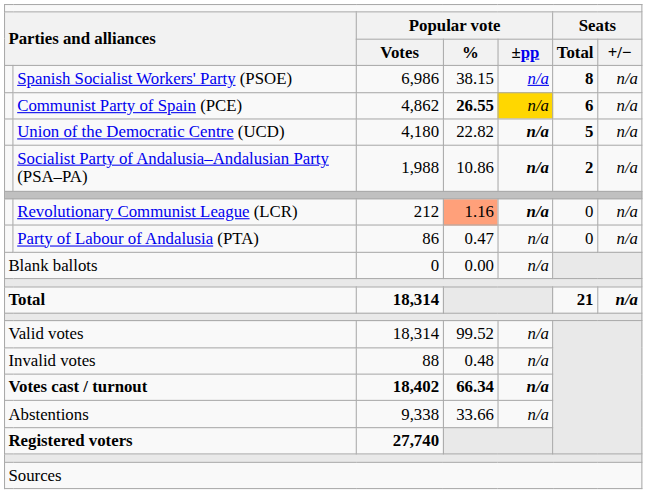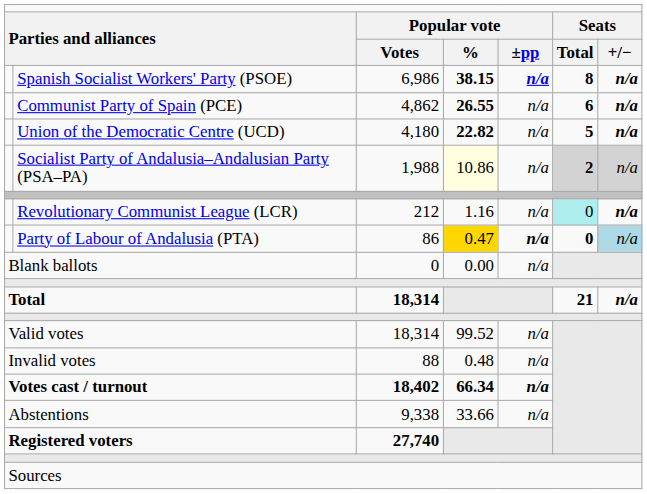 <table class="wikitable" style="text-align:right;">
 <tr>
 <td colspan="7"></td>
 </tr>
 <tr>
 <th style="text-align:left;" rowspan="2" colspan="2" width="525">Parties and alliances</th>
 <th colspan="3">Popular vote</th>
 <th colspan="2">Seats</th>
 </tr>
 <tr>
 <th width="75">Votes</th>
 <th width="45">%</th>
 <th width="45">±<a href='#'>pp</a></th>
 <th width="35">Total</th>
 <th width="35">+/−</th>
 </tr>
 <tr>
 <td width="1" style="color:inherit;background:"></td>
 <td align="left"><a href='#'>Spanish Socialist Workers' Party</a> (PSOE)</td>
 <td>6,986</td>
-<td>38.15</td>
-<td><em><a href='#'>n/a</a></em></td>
+<td><strong>38.15</strong></td>
+<td><strong><em><a href='#'>n/a</a></em></strong></td>
 <td><strong>8</strong></td>
-<td><em>n/a</em></td>
+<td><strong><em>n/a</em></strong></td>
 </tr>
 <tr>
 <td style="color:inherit;background:"></td>
 <td align="left"><a href='#'>Communist Party of Spain</a> (PCE)</td>
 <td>4,862</td>
 <td><strong>26.55</strong></td>
-<td style="background: gold;"><em>n/a</em></td>
+<td><em>n/a</em></td>
 <td><strong>6</strong></td>
-<td><em>n/a</em></td>
+<td><strong><em>n/a</em></strong></td>
 </tr>
 <tr>
 <td style="color:inherit;background:"></td>
 <td align="left"><a href='#'>Union of the Democratic Centre</a> (UCD)</td>
 <td>4,180</td>
-<td>22.82</td>
+<td><strong>22.82</strong></td>
+<td><em>n/a</em></td>
+<td><strong>5</strong></td>
 <td><strong><em>n/a</em></strong></td>
-<td><strong>5</strong></td>
-<td><em>n/a</em></td>
 </tr>
 <tr>
 <td style="color:inherit;background:"></td>
 <td align="left"><a href='#'>Socialist Party of Andalusia–Andalusian Party</a> (PSA–PA)</td>
 <td>1,988</td>
-<td>10.86</td>
-<td><strong><em>n/a</em></strong></td>
-<td><strong>2</strong></td>
+<td style="background: lightyellow;">10.86</td>
 <td><em>n/a</em></td>
+<td style="background: lightgrey;"><strong>2</strong></td>
+<td style="background: lightgrey;"><em>n/a</em></td>
 </tr>
 <tr>
 <td colspan="7" bgcolor="#C0C0C0"></td>
 </tr>
 <tr>
 <td style="color:inherit;background:"></td>
 <td align="left"><a href='#'>Revolutionary Communist League</a> (LCR)</td>
 <td>212</td>
-<td style="background: lightsalmon;">1.16</td>
+<td>1.16</td>
+<td><em>n/a</em></td>
+<td style="background: paleturquoise;">0</td>
 <td><strong><em>n/a</em></strong></td>
-<td>0</td>
-<td><em>n/a</em></td>
 </tr>
 <tr>
 <td style="color:inherit;background:"></td>
 <td align="left"><a href='#'>Party of Labour of Andalusia</a> (PTA)</td>
 <td>86</td>
-<td>0.47</td>
-<td><em>n/a</em></td>
-<td>0</td>
-<td><em>n/a</em></td>
+<td style="background: gold;">0.47</td>
+<td><strong><em>n/a</em></strong></td>
+<td><strong>0</strong></td>
+<td style="background: lightblue;"><em>n/a</em></td>
 </tr>
 <tr>
 <td align="left" colspan="2">Blank ballots</td>
 <td>0</td>
 <td>0.00</td>
 <td><em>n/a</em></td>
 <td bgcolor="#E9E9E9" colspan="2"></td>
 </tr>
 <tr>
 <td colspan="7" bgcolor="#E9E9E9"></td>
 </tr>
 <tr style="font-weight:bold;">
 <td align="left" colspan="2">Total</td>
 <td>18,314</td>
 <td bgcolor="#E9E9E9" colspan="2"></td>
 <td>21</td>
 <td><em>n/a</em></td>
 </tr>
 <tr>
 <td colspan="7" bgcolor="#E9E9E9"></td>
 </tr>
 <tr>
 <td align="left" colspan="2">Valid votes</td>
 <td>18,314</td>
 <td>99.52</td>
 <td><em>n/a</em></td>
 <td bgcolor="#E9E9E9" colspan="2" rowspan="5"></td>
 </tr>
 <tr>
 <td align="left" colspan="2">Invalid votes</td>
 <td>88</td>
 <td>0.48</td>
 <td><em>n/a</em></td>
 </tr>
 <tr style="font-weight:bold;">
 <td align="left" colspan="2">Votes cast / turnout</td>
 <td>18,402</td>
 <td>66.34</td>
 <td><em>n/a</em></td>
 </tr>
 <tr>
 <td align="left" colspan="2">Abstentions</td>
 <td>9,338</td>
 <td>33.66</td>
 <td><em>n/a</em></td>
 </tr>
 <tr style="font-weight:bold;">
 <td align="left" colspan="2">Registered voters</td>
 <td>27,740</td>
 <td bgcolor="#E9E9E9" colspan="2"></td>
 </tr>
 <tr>
 <td colspan="7" bgcolor="#E9E9E9"></td>
 </tr>
 <tr>
 <td align="left" colspan="7">Sources</td>
 </tr>
 </table>
